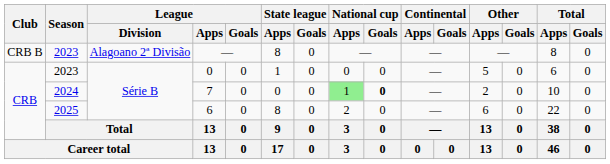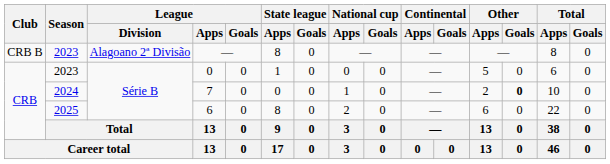 <table class="wikitable" style="text-align:center">
 <tr>
 <th rowspan="2">Club</th>
 <th rowspan="2">Season</th>
 <th colspan="3">League</th>
 <th colspan="2">State league</th>
 <th colspan="2">National cup</th>
 <th colspan="2">Continental</th>
 <th colspan="2">Other</th>
 <th colspan="2">Total</th>
 </tr>
 <tr>
 <th>Division</th>
 <th>Apps</th>
 <th>Goals</th>
 <th>Apps</th>
 <th>Goals</th>
 <th>Apps</th>
 <th>Goals</th>
 <th>Apps</th>
 <th>Goals</th>
 <th>Apps</th>
 <th>Goals</th>
 <th>Apps</th>
 <th>Goals</th>
 </tr>
 <tr>
 <td>CRB B</td>
 <td><a href='#'>2023</a></td>
 <td><a href='#'>Alagoano 2ª Divisão</a></td>
 <td colspan="2">—</td>
 <td>8</td>
 <td>0</td>
 <td colspan="2">—</td>
 <td colspan="2">—</td>
 <td colspan="2">—</td>
 <td>8</td>
 <td>0</td>
 </tr>
 <tr>
 <td rowspan="4"><a href='#'>CRB</a></td>
 <td>2023</td>
 <td rowspan="3"><a href='#'>Série B</a></td>
 <td>0</td>
 <td>0</td>
 <td>1</td>
 <td>0</td>
 <td>0</td>
 <td>0</td>
 <td colspan="2">—</td>
 <td>5</td>
 <td>0</td>
 <td>6</td>
 <td>0</td>
 </tr>
 <tr>
 <td><a href='#'>2024</a></td>
 <td>7</td>
 <td>0</td>
 <td>0</td>
 <td>0</td>
-<td style="background: lightgreen;">1</td>
-<td><strong>0</strong></td>
+<td>1</td>
+<td>0</td>
 <td colspan="2">—</td>
 <td>2</td>
-<td>0</td>
+<td><strong>0</strong></td>
 <td>10</td>
 <td>0</td>
 </tr>
 <tr>
 <td><a href='#'>2025</a></td>
 <td>6</td>
 <td>0</td>
 <td>8</td>
 <td>0</td>
 <td>2</td>
 <td>0</td>
 <td colspan="2">—</td>
 <td>6</td>
 <td>0</td>
 <td>22</td>
 <td>0</td>
 </tr>
 <tr>
 <th colspan="2">Total</th>
 <th>13</th>
 <th>0</th>
 <th>9</th>
 <th>0</th>
 <th>3</th>
 <th>0</th>
 <th colspan="2">—</th>
 <th>13</th>
 <th>0</th>
 <th>38</th>
 <th>0</th>
 </tr>
 <tr>
 <th colspan="3">Career total</th>
 <th>13</th>
 <th>0</th>
 <th>17</th>
 <th>0</th>
 <th>3</th>
 <th>0</th>
 <th>0</th>
 <th>0</th>
 <th>13</th>
 <th>0</th>
 <th>46</th>
 <th>0</th>
 </tr>
 </table>
